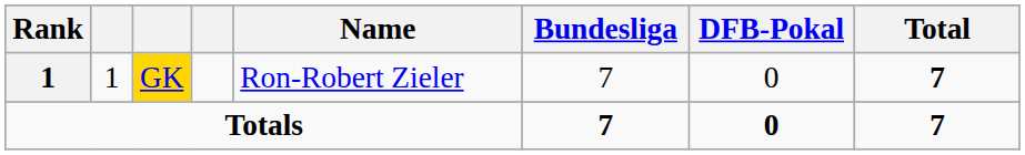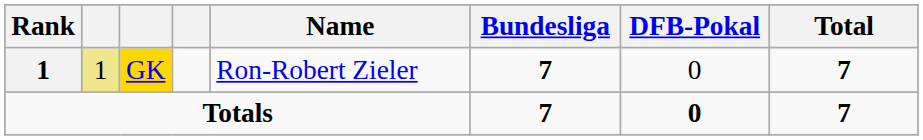 <table class="wikitable" style="text-align:center">
 <tr>
 <th width=15>Rank</th>
 <th width=15></th>
 <th width=15></th>
 <th width=15></th>
 <th width=145>Name</th>
 <th width=80><strong><a href='#'>Bundesliga</a></strong></th>
 <th width=80><strong><a href='#'>DFB-Pokal</a></strong></th>
 <th width=80>Total</th>
 </tr>
 <tr>
 <th>1</th>
-<td>1</td>
+<td style="background: khaki;">1</td>
 <td style="background: gold;"><a href='#'>GK</a></td>
 <td></td>
 <td align=left><a href='#'>Ron-Robert Zieler</a></td>
-<td>7</td>
+<td><strong>7</strong></td>
 <td>0</td>
 <td><strong>7</strong></td>
 </tr>
 <tr>
 <td colspan=5><strong>Totals</strong></td>
 <td><strong>7</strong></td>
 <td><strong>0</strong></td>
 <td><strong>7</strong></td>
 </tr>
 </table>
